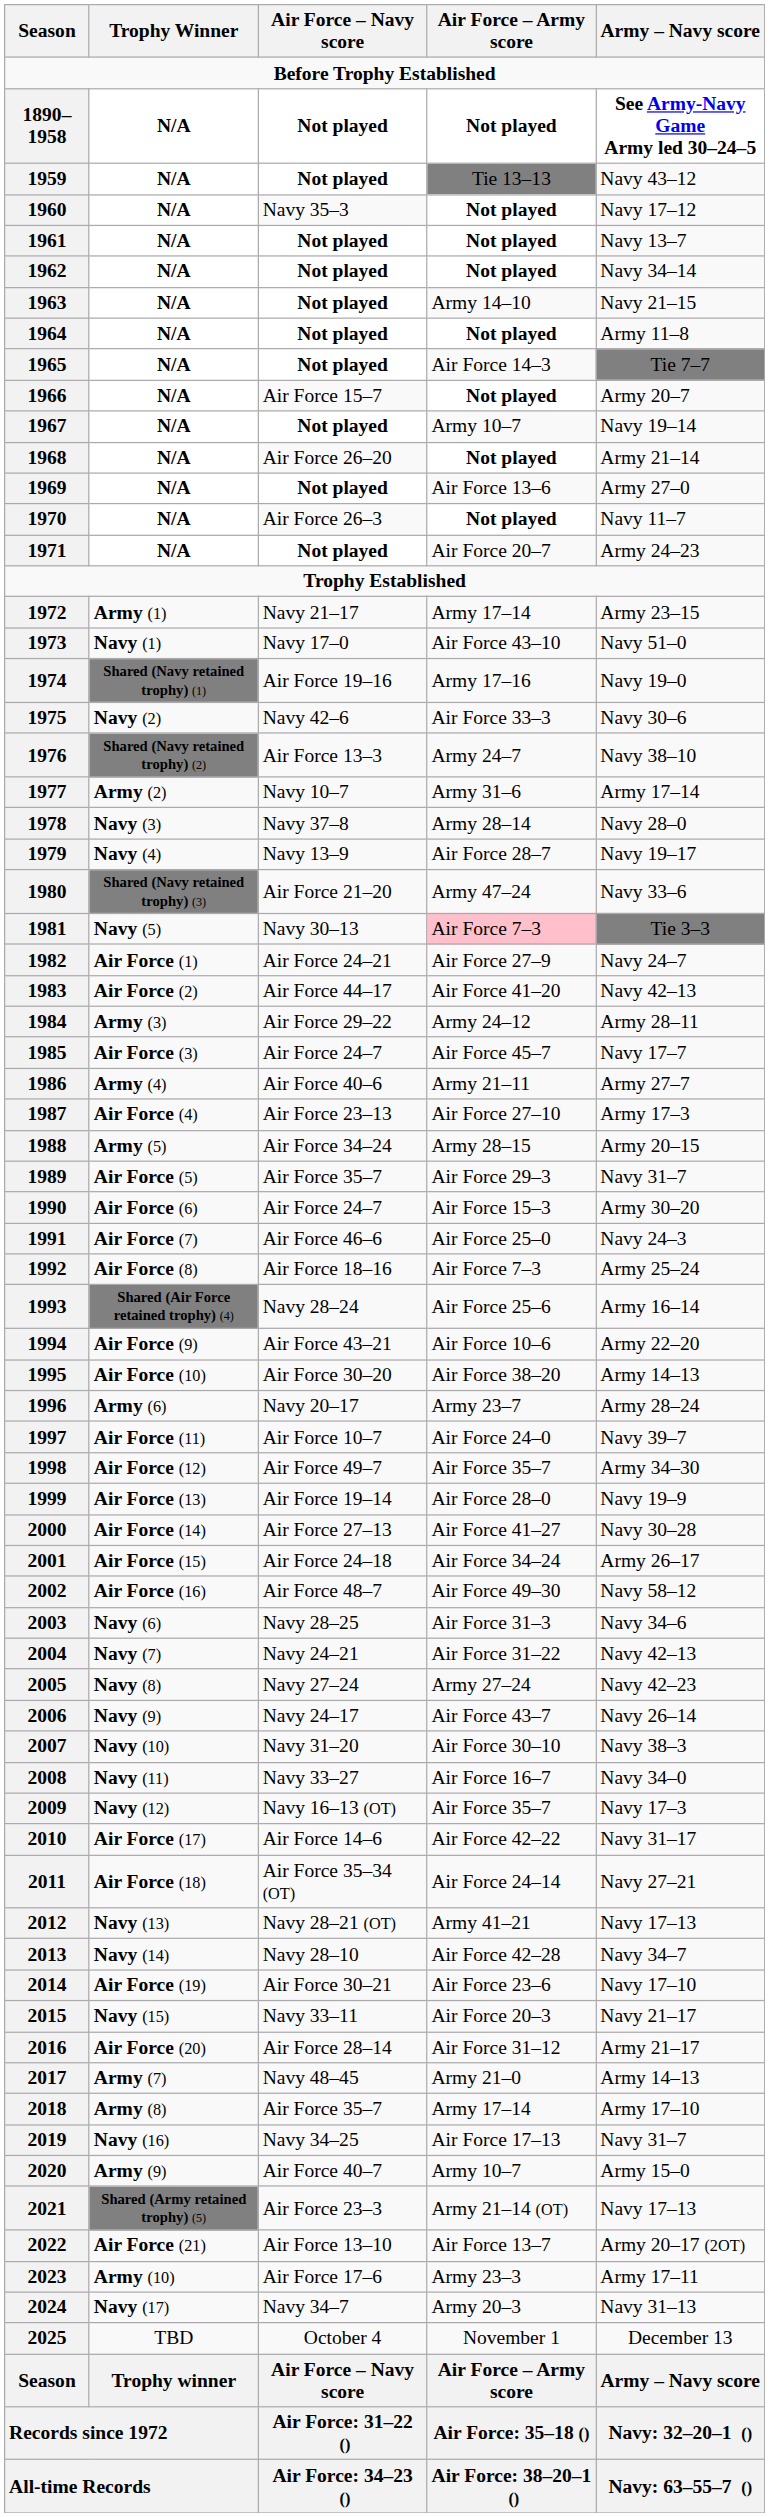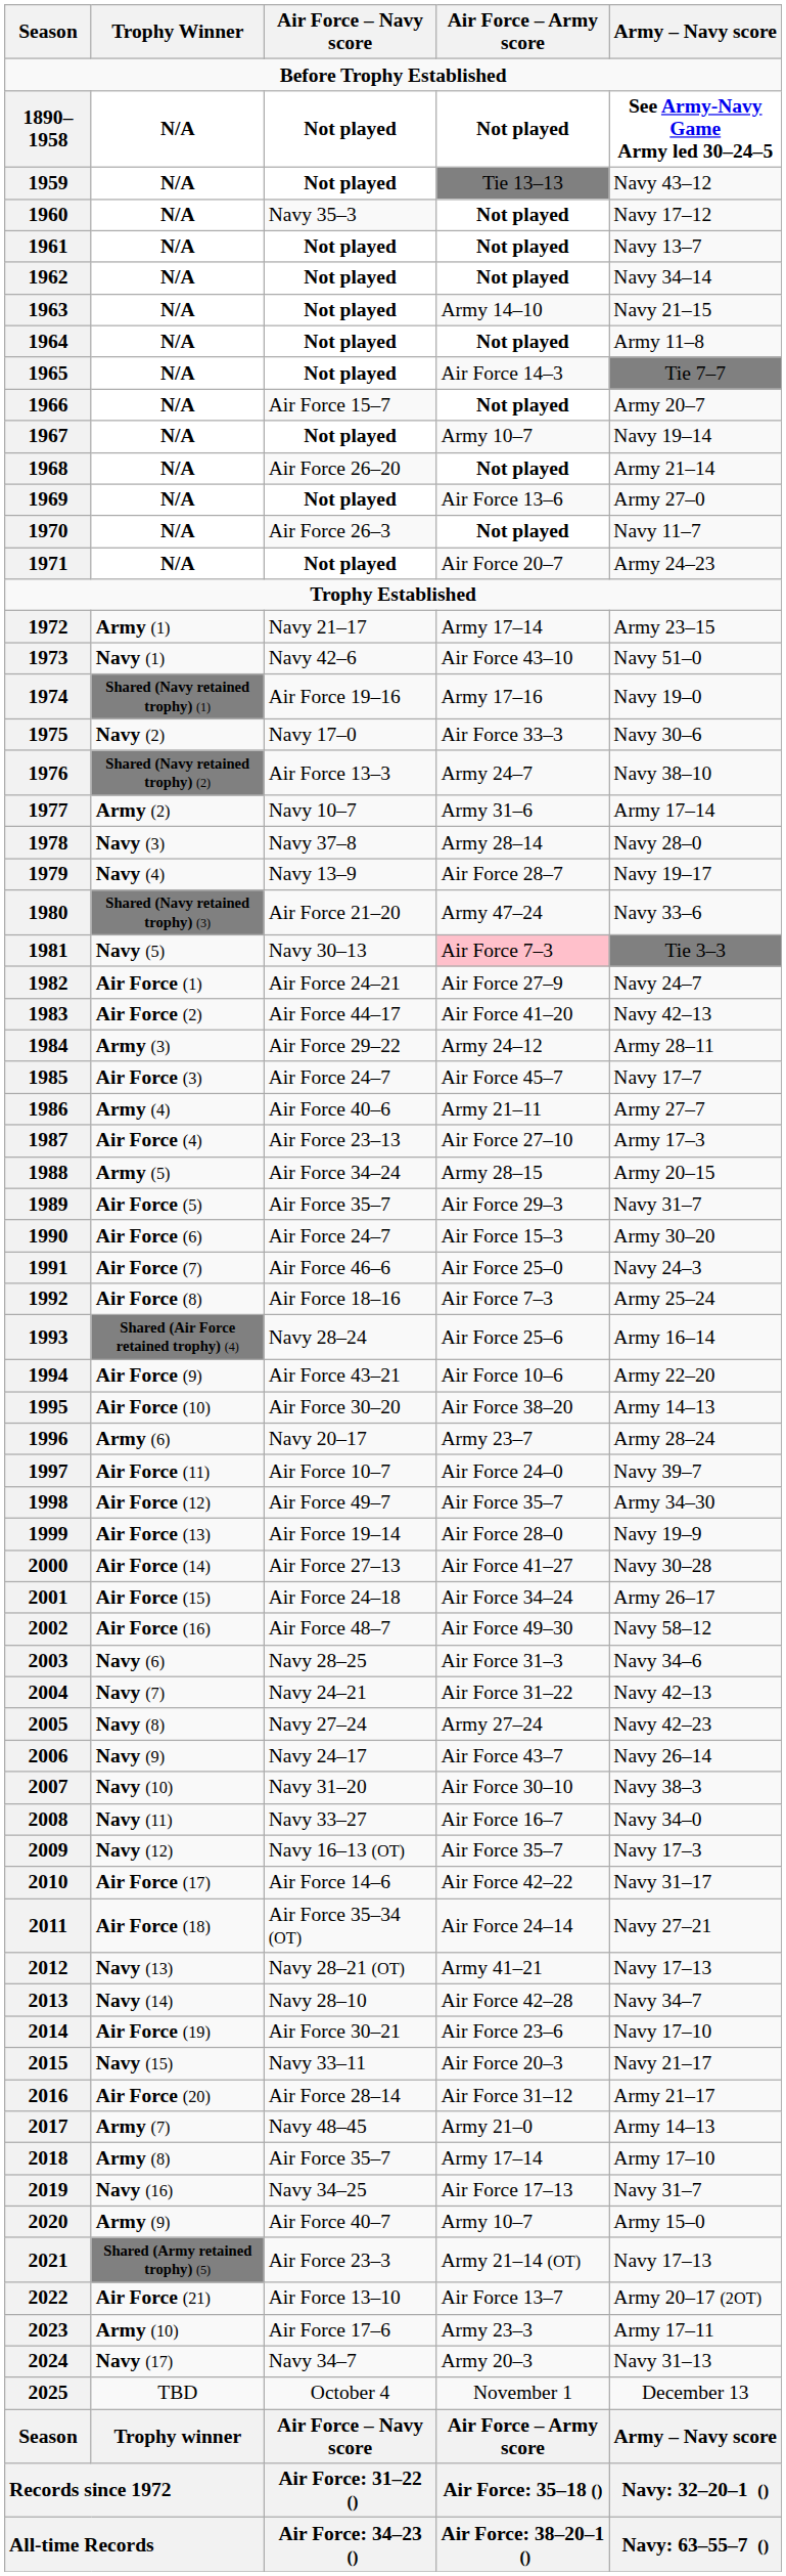 <table class="wikitable" style="margin: 1em auto 1em auto" width="100%">
 <tr>
 <th width="5%">Season</th>
 <th width="15%">Trophy Winner</th>
 <th width="15%">Air Force – Navy score</th>
 <th width="15%">Air Force – Army score</th>
 <th width="15%">Army – Navy score</th>
 </tr>
 <tr>
 <td colspan=5 style="text-align: center;"><strong>Before Trophy Established</strong></td>
 </tr>
 <tr>
 <th>1890–<br>1958</th>
 <td style="background: white; color: black; text-align:center;"><strong>N/A</strong></td>
 <td style="background: white; color: black; text-align:center;"><strong>Not played</strong></td>
 <td style="background: white; color: black; text-align:center;"><strong>Not played</strong></td>
 <td style="background: white; color: black; text-align:center;"><strong>See <a href='#'>Army-Navy Game</a><br>Army led 30–24–5</strong></td>
 </tr>
 <tr>
 <th>1959</th>
 <td style="background: white; color: black; text-align:center;"><strong>N/A</strong></td>
 <td style="background: white; color: black; text-align:center;"><strong>Not played</strong></td>
 <td style="background: gray; color: black; text-align:center;">Tie 13–13</td>
 <td>Navy 43–12</td>
 </tr>
 <tr>
 <th>1960</th>
 <td style="background: white; color: black; text-align:center;"><strong>N/A</strong></td>
 <td>Navy 35–3</td>
 <td style="background: white; color: black; text-align:center;"><strong>Not played</strong></td>
 <td>Navy 17–12</td>
 </tr>
 <tr>
 <th>1961</th>
 <td style="background: white; color: black; text-align:center;"><strong>N/A</strong></td>
 <td style="background: white; color: black; text-align:center;"><strong>Not played</strong></td>
 <td style="background: white; color: black; text-align:center;"><strong>Not played</strong></td>
 <td>Navy 13–7</td>
 </tr>
 <tr>
 <th>1962</th>
 <td style="background: white; color: black; text-align:center;"><strong>N/A</strong></td>
 <td style="background: white; color: black; text-align:center;"><strong>Not played</strong></td>
 <td style="background: white; color: black; text-align:center;"><strong>Not played</strong></td>
 <td>Navy 34–14</td>
 </tr>
 <tr>
 <th>1963</th>
 <td style="background: white; color: black; text-align:center;"><strong>N/A</strong></td>
 <td style="background: white; color: black; text-align:center;"><strong>Not played</strong></td>
 <td>Army 14–10</td>
 <td>Navy 21–15</td>
 </tr>
 <tr>
 <th>1964</th>
 <td style="background: white; color: black; text-align:center;"><strong>N/A</strong></td>
 <td style="background: white; color: black; text-align:center;"><strong>Not played</strong></td>
 <td style="background: white; color: black; text-align:center;"><strong>Not played</strong></td>
 <td>Army 11–8</td>
 </tr>
 <tr>
 <th>1965</th>
 <td style="background: white; color: black; text-align:center;"><strong>N/A</strong></td>
 <td style="background: white; color: black; text-align:center;"><strong>Not played</strong></td>
 <td>Air Force 14–3</td>
 <td style="background: gray; color: black; text-align:center;">Tie 7–7</td>
 </tr>
 <tr>
 <th>1966</th>
 <td style="background: white; color: black; text-align:center;"><strong>N/A</strong></td>
 <td>Air Force 15–7</td>
 <td style="background: white; color: black; text-align:center;"><strong>Not played</strong></td>
 <td>Army 20–7</td>
 </tr>
 <tr>
 <th>1967</th>
 <td style="background: white; color: black; text-align:center;"><strong>N/A</strong></td>
 <td style="background: white; color: black; text-align:center;"><strong>Not played</strong></td>
 <td>Army 10–7</td>
 <td>Navy 19–14</td>
 </tr>
 <tr>
 <th>1968</th>
 <td style="background: white; color: black; text-align:center;"><strong>N/A</strong></td>
 <td>Air Force 26–20</td>
 <td style="background: white; color: black; text-align:center;"><strong>Not played</strong></td>
 <td>Army 21–14</td>
 </tr>
 <tr>
 <th>1969</th>
 <td style="background: white; color: black; text-align:center;"><strong>N/A</strong></td>
 <td style="background: white; color: black; text-align:center;"><strong>Not played</strong></td>
 <td>Air Force 13–6</td>
 <td>Army 27–0</td>
 </tr>
 <tr>
 <th>1970</th>
 <td style="background: white; color: black; text-align:center;"><strong>N/A</strong></td>
 <td>Air Force 26–3</td>
 <td style="background: white; color: black; text-align:center;"><strong>Not played</strong></td>
 <td>Navy 11–7</td>
 </tr>
 <tr>
 <th>1971</th>
 <td style="background: white; color: black; text-align:center;"><strong>N/A</strong></td>
 <td style="background: white; color: black; text-align:center;"><strong>Not played</strong></td>
 <td>Air Force 20–7</td>
 <td>Army 24–23</td>
 </tr>
 <tr>
 <td colspan=5 style="text-align: center;"><strong>Trophy Established</strong></td>
 </tr>
 <tr>
 <th>1972</th>
 <td><strong>Army</strong> <small>(1)</small></td>
 <td>Navy 21–17</td>
 <td>Army 17–14</td>
 <td>Army 23–15</td>
 </tr>
 <tr>
 <th>1973</th>
 <td><strong>Navy</strong> <small>(1)</small></td>
-<td>Navy 17–0</td>
+<td>Navy 42–6</td>
 <td>Air Force 43–10</td>
 <td>Navy 51–0</td>
 </tr>
 <tr>
 <th>1974</th>
 <td style="background: gray; color: black; text-align:center; font-size: 75%;"><strong>Shared (Navy retained trophy)</strong> <small>(1)</small></td>
 <td>Air Force 19–16</td>
 <td>Army 17–16</td>
 <td>Navy 19–0</td>
 </tr>
 <tr>
 <th>1975</th>
 <td><strong>Navy</strong> <small>(2)</small></td>
-<td>Navy 42–6</td>
+<td>Navy 17–0</td>
 <td>Air Force 33–3</td>
 <td>Navy 30–6</td>
 </tr>
 <tr>
 <th>1976</th>
 <td style="background: gray; color: black; text-align:center; font-size: 75%;"><strong>Shared (Navy retained trophy)</strong> <small>(2)</small></td>
 <td>Air Force 13–3</td>
 <td>Army 24–7</td>
 <td>Navy 38–10</td>
 </tr>
 <tr>
 <th>1977</th>
 <td><strong>Army</strong> <small>(2)</small></td>
 <td>Navy 10–7</td>
 <td>Army 31–6</td>
 <td>Army 17–14</td>
 </tr>
 <tr>
 <th>1978</th>
 <td><strong>Navy</strong> <small>(3)</small></td>
 <td>Navy 37–8</td>
 <td>Army 28–14</td>
 <td>Navy 28–0</td>
 </tr>
 <tr>
 <th>1979</th>
 <td><strong>Navy</strong> <small>(4)</small></td>
 <td>Navy 13–9</td>
 <td>Air Force 28–7</td>
 <td>Navy 19–17</td>
 </tr>
 <tr>
 <th>1980</th>
 <td style="background: gray; color: black; text-align:center; font-size: 75%;"><strong>Shared (Navy retained trophy)</strong> <small>(3)</small></td>
 <td>Air Force 21–20</td>
 <td>Army 47–24</td>
 <td>Navy 33–6</td>
 </tr>
 <tr>
 <th>1981</th>
 <td><strong>Navy</strong> <small>(5)</small></td>
 <td>Navy 30–13</td>
 <td style="background: pink;">Air Force 7–3</td>
 <td style="background: gray; color: black; text-align:center;">Tie 3–3</td>
 </tr>
 <tr>
 <th>1982</th>
 <td><strong>Air Force</strong> <small>(1)</small></td>
 <td>Air Force 24–21</td>
 <td>Air Force 27–9</td>
 <td>Navy 24–7</td>
 </tr>
 <tr>
 <th>1983</th>
 <td><strong>Air Force</strong> <small>(2)</small></td>
 <td>Air Force 44–17</td>
 <td>Air Force 41–20</td>
 <td>Navy 42–13</td>
 </tr>
 <tr>
 <th>1984</th>
 <td><strong>Army</strong> <small>(3)</small></td>
 <td>Air Force 29–22</td>
 <td>Army 24–12</td>
 <td>Army 28–11</td>
 </tr>
 <tr>
 <th>1985</th>
 <td><strong>Air Force</strong> <small>(3)</small></td>
 <td>Air Force 24–7</td>
 <td>Air Force 45–7</td>
 <td>Navy 17–7</td>
 </tr>
 <tr>
 <th>1986</th>
 <td><strong>Army</strong> <small>(4)</small></td>
 <td>Air Force 40–6</td>
 <td>Army 21–11</td>
 <td>Army 27–7</td>
 </tr>
 <tr>
 <th>1987</th>
 <td><strong>Air Force</strong> <small>(4)</small></td>
 <td>Air Force 23–13</td>
 <td>Air Force 27–10</td>
 <td>Army 17–3</td>
 </tr>
 <tr>
 <th>1988</th>
 <td><strong>Army</strong> <small>(5)</small></td>
 <td>Air Force 34–24</td>
 <td>Army 28–15</td>
 <td>Army 20–15</td>
 </tr>
 <tr>
 <th>1989</th>
 <td><strong>Air Force</strong> <small>(5)</small></td>
 <td>Air Force 35–7</td>
 <td>Air Force 29–3</td>
 <td>Navy 31–7</td>
 </tr>
 <tr>
 <th>1990</th>
 <td><strong>Air Force</strong> <small>(6)</small></td>
 <td>Air Force 24–7</td>
 <td>Air Force 15–3</td>
 <td>Army 30–20</td>
 </tr>
 <tr>
 <th>1991</th>
 <td><strong>Air Force</strong> <small>(7)</small></td>
 <td>Air Force 46–6</td>
 <td>Air Force 25–0</td>
 <td>Navy 24–3</td>
 </tr>
 <tr>
 <th>1992</th>
 <td><strong>Air Force</strong> <small>(8)</small></td>
 <td>Air Force 18–16</td>
 <td>Air Force 7–3</td>
 <td>Army 25–24</td>
 </tr>
 <tr>
 <th>1993</th>
 <td style="background: gray; color: black; text-align:center; font-size: 75%;"><strong>Shared (Air Force retained trophy)</strong> <small>(4)</small></td>
 <td>Navy 28–24</td>
 <td>Air Force 25–6</td>
 <td>Army 16–14</td>
 </tr>
 <tr>
 <th>1994</th>
 <td><strong>Air Force</strong> <small>(9)</small></td>
 <td>Air Force 43–21</td>
 <td>Air Force 10–6</td>
 <td>Army 22–20</td>
 </tr>
 <tr>
 <th>1995</th>
 <td><strong>Air Force</strong> <small>(10)</small></td>
 <td>Air Force 30–20</td>
 <td>Air Force 38–20</td>
 <td>Army 14–13</td>
 </tr>
 <tr>
 <th>1996</th>
 <td><strong>Army</strong> <small>(6)</small></td>
 <td>Navy 20–17</td>
 <td>Army 23–7</td>
 <td>Army 28–24</td>
 </tr>
 <tr>
 <th>1997</th>
 <td><strong>Air Force</strong> <small>(11)</small></td>
 <td>Air Force 10–7</td>
 <td>Air Force 24–0</td>
 <td>Navy 39–7</td>
 </tr>
 <tr>
 <th>1998</th>
 <td><strong>Air Force</strong> <small>(12)</small></td>
 <td>Air Force 49–7</td>
 <td>Air Force 35–7</td>
 <td>Army 34–30</td>
 </tr>
 <tr>
 <th>1999</th>
 <td><strong>Air Force</strong> <small>(13)</small></td>
 <td>Air Force 19–14</td>
 <td>Air Force 28–0</td>
 <td>Navy 19–9</td>
 </tr>
 <tr>
 <th>2000</th>
 <td><strong>Air Force</strong> <small>(14)</small></td>
 <td>Air Force 27–13</td>
 <td>Air Force 41–27</td>
 <td>Navy 30–28</td>
 </tr>
 <tr>
 <th>2001</th>
 <td><strong>Air Force</strong> <small>(15)</small></td>
 <td>Air Force 24–18</td>
 <td>Air Force 34–24</td>
 <td>Army 26–17</td>
 </tr>
 <tr>
 <th>2002</th>
 <td><strong>Air Force</strong> <small>(16)</small></td>
 <td>Air Force 48–7</td>
 <td>Air Force 49–30</td>
 <td>Navy 58–12</td>
 </tr>
 <tr>
 <th>2003</th>
 <td><strong>Navy</strong> <small>(6)</small></td>
 <td>Navy 28–25</td>
 <td>Air Force 31–3</td>
 <td>Navy 34–6</td>
 </tr>
 <tr>
 <th>2004</th>
 <td><strong>Navy</strong> <small>(7)</small></td>
 <td>Navy 24–21</td>
 <td>Air Force 31–22</td>
 <td>Navy 42–13</td>
 </tr>
 <tr>
 <th>2005</th>
 <td><strong>Navy</strong> <small>(8)</small></td>
 <td>Navy 27–24</td>
 <td>Army 27–24</td>
 <td>Navy 42–23</td>
 </tr>
 <tr>
 <th>2006</th>
 <td><strong>Navy</strong> <small>(9)</small></td>
 <td>Navy 24–17</td>
 <td>Air Force 43–7</td>
 <td>Navy 26–14</td>
 </tr>
 <tr>
 <th>2007</th>
 <td><strong>Navy</strong> <small>(10)</small></td>
 <td>Navy 31–20</td>
 <td>Air Force 30–10</td>
 <td>Navy 38–3</td>
 </tr>
 <tr>
 <th>2008</th>
 <td><strong>Navy</strong> <small>(11)</small></td>
 <td>Navy 33–27</td>
 <td>Air Force 16–7</td>
 <td>Navy 34–0</td>
 </tr>
 <tr>
 <th>2009</th>
 <td><strong>Navy</strong> <small>(12)</small></td>
 <td>Navy 16–13 <small>(OT)</small></td>
 <td>Air Force 35–7</td>
 <td>Navy 17–3</td>
 </tr>
 <tr>
 <th>2010</th>
 <td><strong>Air Force</strong> <small>(17)</small></td>
 <td>Air Force 14–6</td>
 <td>Air Force 42–22</td>
 <td>Navy 31–17</td>
 </tr>
 <tr>
 <th>2011</th>
 <td><strong>Air Force</strong> <small>(18)</small></td>
 <td>Air Force 35–34 <small>(OT)</small></td>
 <td>Air Force 24–14</td>
 <td>Navy 27–21</td>
 </tr>
 <tr>
 <th>2012</th>
 <td><strong>Navy</strong> <small>(13)</small></td>
 <td>Navy 28–21 <small>(OT)</small></td>
 <td>Army 41–21</td>
 <td>Navy 17–13</td>
 </tr>
 <tr>
 <th>2013</th>
 <td><strong>Navy</strong> <small>(14)</small></td>
 <td>Navy 28–10</td>
 <td>Air Force 42–28</td>
 <td>Navy 34–7</td>
 </tr>
 <tr>
 <th>2014</th>
 <td><strong>Air Force</strong> <small>(19)</small></td>
 <td>Air Force 30–21</td>
 <td>Air Force 23–6</td>
 <td>Navy 17–10</td>
 </tr>
 <tr>
 <th>2015</th>
 <td><strong>Navy</strong> <small>(15)</small></td>
 <td>Navy 33–11</td>
 <td>Air Force 20–3</td>
 <td>Navy 21–17</td>
 </tr>
 <tr>
 <th>2016</th>
 <td><strong>Air Force</strong> <small>(20)</small></td>
 <td>Air Force 28–14</td>
 <td>Air Force 31–12</td>
 <td>Army 21–17</td>
 </tr>
 <tr>
 <th>2017</th>
 <td><strong>Army</strong> <small>(7)</small></td>
 <td>Navy 48–45</td>
 <td>Army 21–0</td>
 <td>Army 14–13</td>
 </tr>
 <tr>
 <th>2018</th>
 <td><strong>Army</strong> <small>(8)</small></td>
 <td>Air Force 35–7</td>
 <td>Army 17–14</td>
 <td>Army 17–10</td>
 </tr>
 <tr>
 <th>2019</th>
 <td><strong>Navy</strong> <small>(16)</small></td>
 <td>Navy 34–25</td>
 <td>Air Force 17–13</td>
 <td>Navy 31–7</td>
 </tr>
 <tr>
 <th>2020</th>
 <td><strong>Army</strong> <small>(9)</small></td>
 <td>Air Force 40–7</td>
 <td>Army 10–7</td>
 <td>Army 15–0</td>
 </tr>
 <tr>
 <th>2021</th>
 <td style="background: gray; color: black; text-align:center; font-size: 75%;"><strong>Shared (Army retained trophy)</strong> <small>(5)</small></td>
 <td>Air Force 23–3</td>
 <td>Army 21–14 <small>(OT)</small></td>
 <td>Navy 17–13</td>
 </tr>
 <tr>
 <th>2022</th>
 <td><strong>Air Force</strong> <small>(21)</small></td>
 <td>Air Force 13–10</td>
 <td>Air Force 13–7</td>
 <td>Army 20–17 <small>(2OT)</small></td>
 </tr>
 <tr>
 <th>2023</th>
 <td><strong>Army</strong> <small>(10)</small></td>
 <td>Air Force 17–6</td>
 <td>Army 23–3</td>
 <td>Army 17–11</td>
 </tr>
 <tr>
 <th>2024</th>
 <td><strong>Navy</strong> <small>(17)</small></td>
 <td>Navy 34–7</td>
 <td>Army 20–3</td>
 <td>Navy 31–13</td>
 </tr>
 <tr>
 <th>2025</th>
 <td align=center>TBD</td>
 <td align=center>October 4</td>
 <td align=center>November 1</td>
 <td align=center>December 13</td>
 </tr>
 <tr>
 <th>Season</th>
 <th>Trophy winner</th>
 <th>Air Force – Navy score</th>
 <th>Air Force – Army score</th>
 <th>Army – Navy score</th>
 </tr>
 <tr>
 <th align=right colspan=2 style="text-align: left;">Records since 1972</th>
 <th>Air Force: 31–22  <small>()</small></th>
 <th>Air Force: 35–18 <small>()</small></th>
 <th>Navy: 32–20–1  <small>()</small></th>
 </tr>
 <tr>
 <th align=right colspan=2 style="text-align: left;">All-time Records</th>
 <th>Air Force: 34–23  <small>()</small></th>
 <th>Air Force: 38–20–1  <small>()</small></th>
 <th>Navy: 63–55–7  <small>()</small></th>
 </tr>
 </table>
